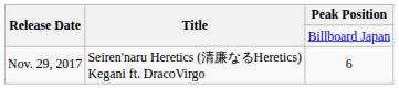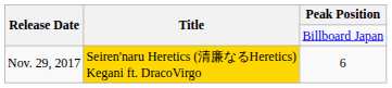 <table class="wikitable">
 <tr>
 <th scope="col" rowspan="2">Release Date</th>
 <th scope="col" rowspan="2">Title</th>
 <th scope="col" colspan="1">Peak Position</th>
 </tr>
 <tr>
 <td align="center"><a href='#'>Billboard Japan</a></td>
 </tr>
 <tr>
 <td>Nov. 29, 2017</td>
-<td>Seiren'naru Heretics (清廉なるHeretics)<br>Kegani ft. DracoVirgo</td>
+<td style="background: gold;">Seiren'naru Heretics (清廉なるHeretics)<br>Kegani ft. DracoVirgo</td>
 <td align="center">6</td>
 </tr>
 </table>
